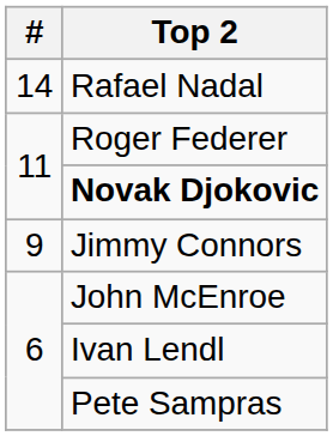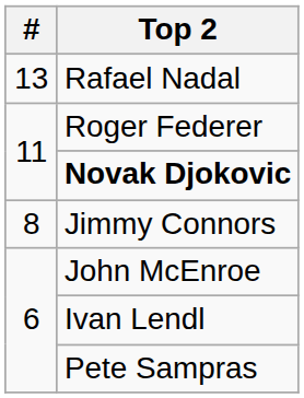 <table class="wikitable" style="display:inline-table;">
 <tr>
 <th width=20>#</th>
 <th>Top 2</th>
 </tr>
 <tr>
-<td style="text-align:center;">14</td>
+<td style="text-align:center;">13</td>
 <td> Rafael Nadal</td>
 </tr>
 <tr>
 <td rowspan="2" style="text-align:center;">11</td>
 <td> Roger Federer</td>
 </tr>
 <tr>
 <td> <strong>Novak Djokovic</strong></td>
 </tr>
 <tr>
-<td style="text-align:center;">9</td>
+<td style="text-align:center;">8</td>
 <td> Jimmy Connors</td>
 </tr>
 <tr>
 <td rowspan="3" style="text-align:center;">6</td>
 <td> John McEnroe</td>
 </tr>
 <tr>
 <td> Ivan Lendl</td>
 </tr>
 <tr>
 <td> Pete Sampras</td>
 </tr>
 </table>
